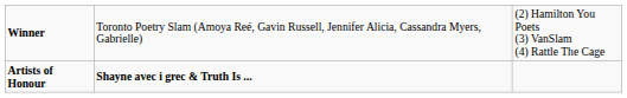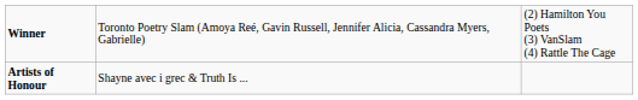 <table class="wikitable">
 <tr>
 <td><strong>Winner</strong></td>
 <td>Toronto Poetry Slam (Amoya Reé, Gavin Russell, Jennifer Alicia, Cassandra Myers, Gabrielle)</td>
 <td>(2) Hamilton You Poets<br>(3) VanSlam<br>(4) Rattle The Cage</td>
 </tr>
 <tr>
 <td><strong>Artists of Honour</strong></td>
-<td><strong>Shayne avec i grec & Truth Is ...</strong></td>
+<td>Shayne avec i grec & Truth Is ...</td>
 </tr>
 </table>
